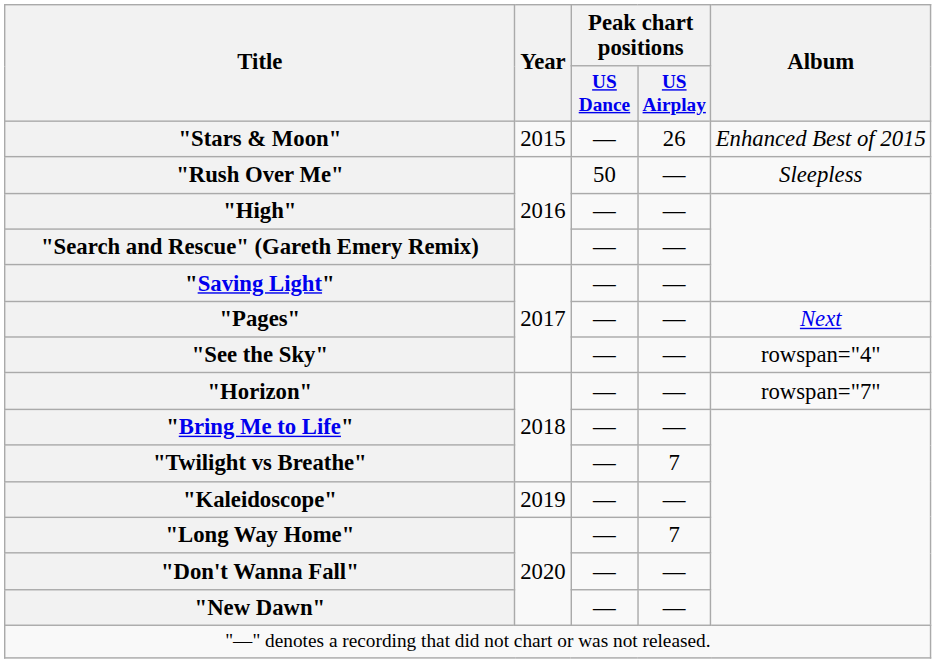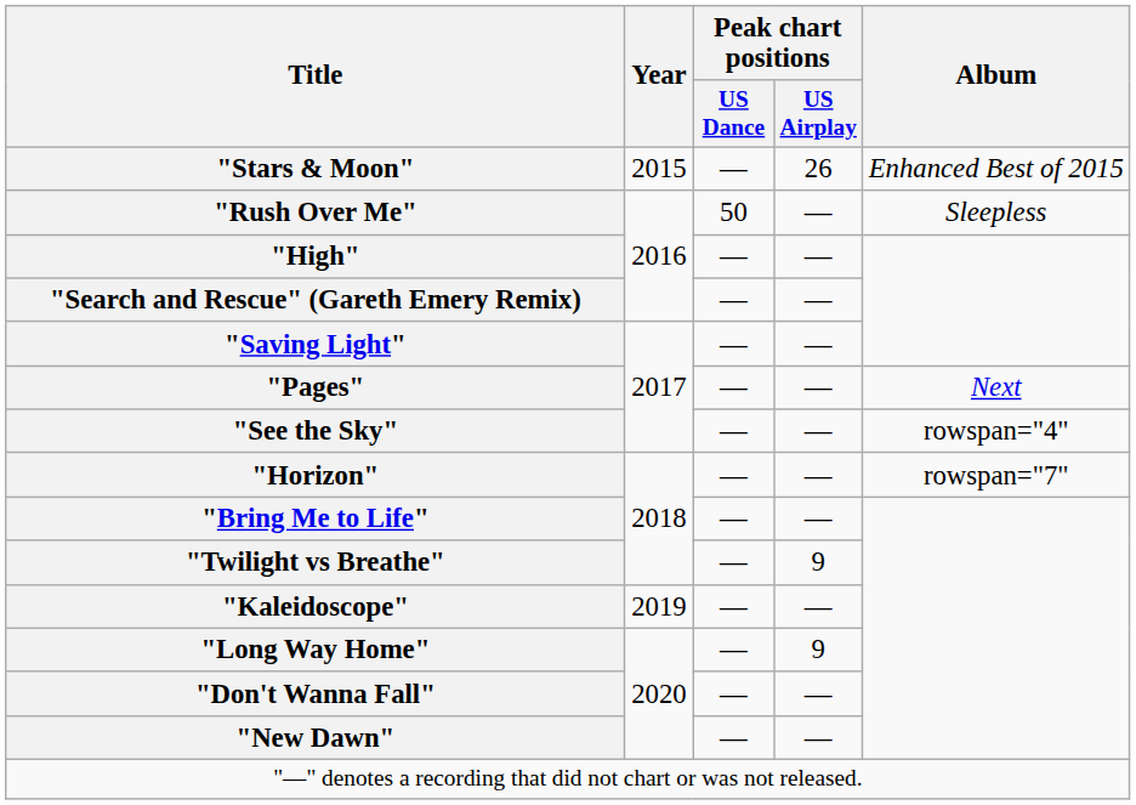 <table class="wikitable plainrowheaders" style="text-align:center;">
 <tr>
 <th scope="col" rowspan="2" style="width:22em;">Title</th>
 <th scope="col" rowspan="2" style="width:1em;">Year</th>
 <th colspan="2" scope="col">Peak chart positions</th>
 <th scope="col" rowspan="2">Album</th>
 </tr>
 <tr>
 <th scope="col" style="width:3em;font-size:85%;"><a href='#'>US<br>Dance</a><br></th>
 <th scope="col" style="width:3em;font-size:85%;"><a href='#'>US<br>Airplay</a><br></th>
 </tr>
 <tr>
 <th scope="row">"Stars & Moon"<br></th>
 <td>2015</td>
 <td>—</td>
 <td>26<br></td>
 <td><em>Enhanced Best of 2015</em></td>
 </tr>
 <tr>
 <th scope="row">"Rush Over Me"<br></th>
 <td rowspan="3">2016</td>
 <td>50</td>
 <td>—</td>
 <td><em>Sleepless</em></td>
 </tr>
 <tr>
 <th scope="row">"High"<br></th>
 <td>—</td>
 <td>—</td>
 </tr>
 <tr>
 <th scope="row">"Search and Rescue" (Gareth Emery Remix)<br></th>
 <td>—</td>
 <td>—</td>
 </tr>
 <tr>
 <th scope="row">"<a href='#'>Saving Light</a>"<br></th>
 <td rowspan="3">2017</td>
 <td>—</td>
 <td>—</td>
 </tr>
 <tr>
 <th scope="row">"Pages"<br></th>
 <td>—</td>
 <td>—</td>
 <td><em><a href='#'>Next</a></em></td>
 </tr>
 <tr>
 <th scope="row">"See the Sky"<br></th>
 <td>—</td>
 <td>—</td>
 <td>rowspan="4" </td>
 </tr>
 <tr>
 <th scope="row">"Horizon"<br></th>
 <td rowspan="3">2018</td>
 <td>—</td>
 <td>—</td>
 <td>rowspan="7" </td>
 </tr>
 <tr>
 <th scope="row">"<a href='#'>Bring Me to Life</a>"<br></th>
 <td>—</td>
 <td>—</td>
 </tr>
 <tr>
 <th scope="row">"Twilight vs Breathe"<br></th>
 <td>—</td>
-<td>7</td>
+<td>9 </td>
 </tr>
 <tr>
 <th scope="row">"Kaleidoscope"<br></th>
 <td>2019</td>
 <td>—</td>
 <td>—</td>
 </tr>
 <tr>
 <th scope="row">"Long Way Home" <br></th>
 <td rowspan="3">2020</td>
 <td>—</td>
-<td>7</td>
+<td>9 </td>
 </tr>
 <tr>
 <th scope="row">"Don't Wanna Fall" <br></th>
 <td>—</td>
 <td>—</td>
 </tr>
 <tr>
 <th scope="row">"New Dawn" <br></th>
 <td>—</td>
 <td>—</td>
 </tr>
 <tr>
 <td colspan="5" style="font-size:85%">"—" denotes a recording that did not chart or was not released.</td>
 </tr>
 </table>
